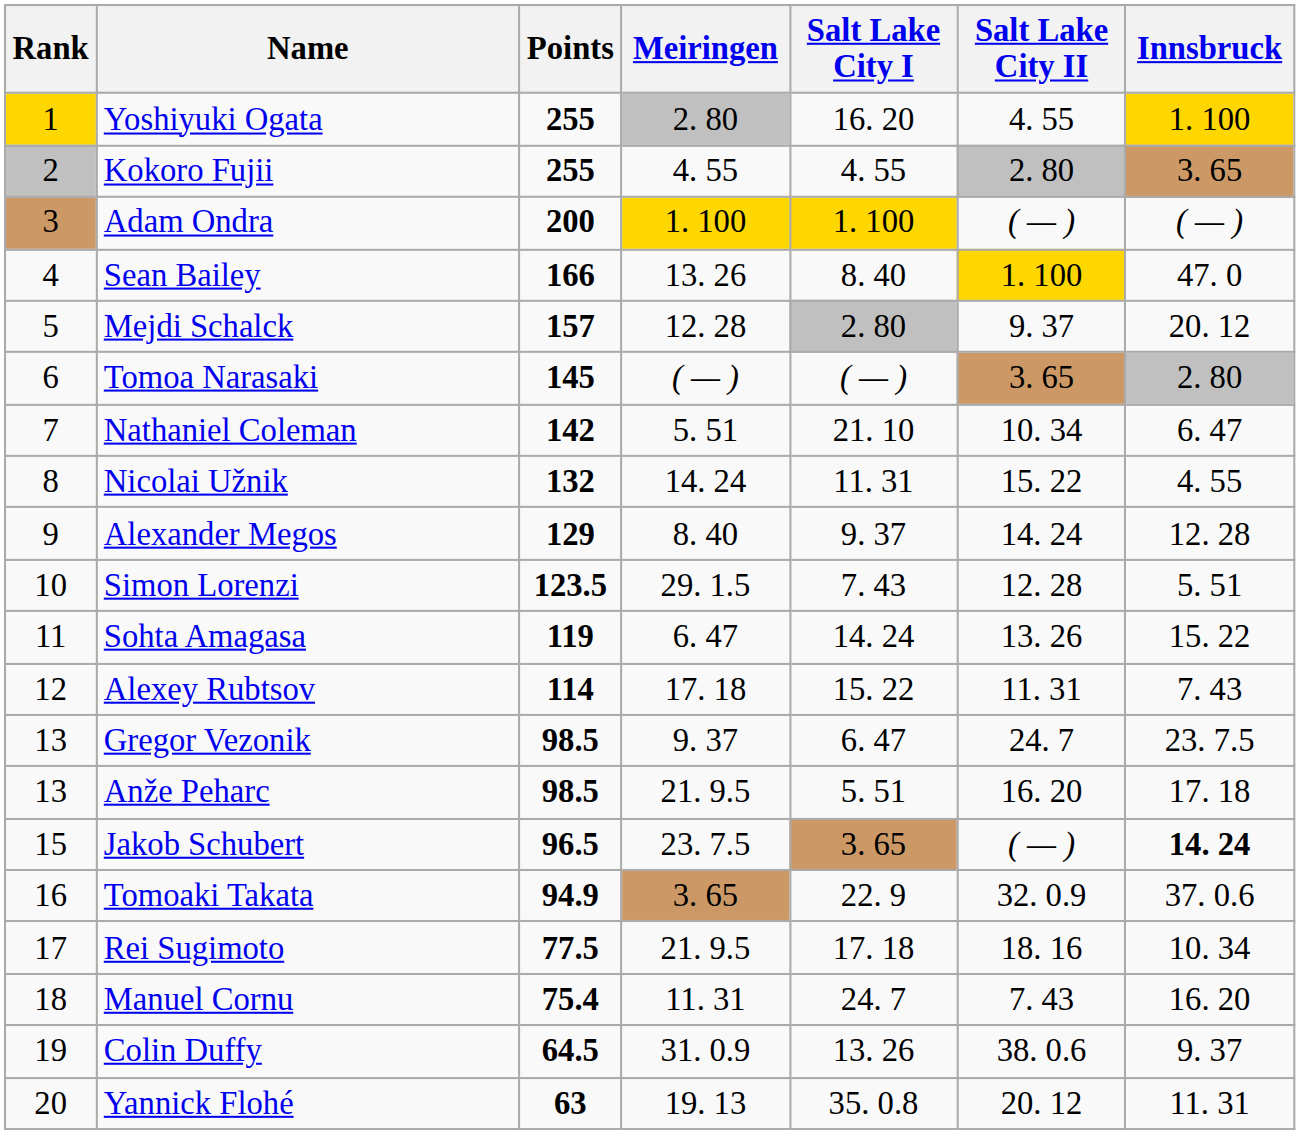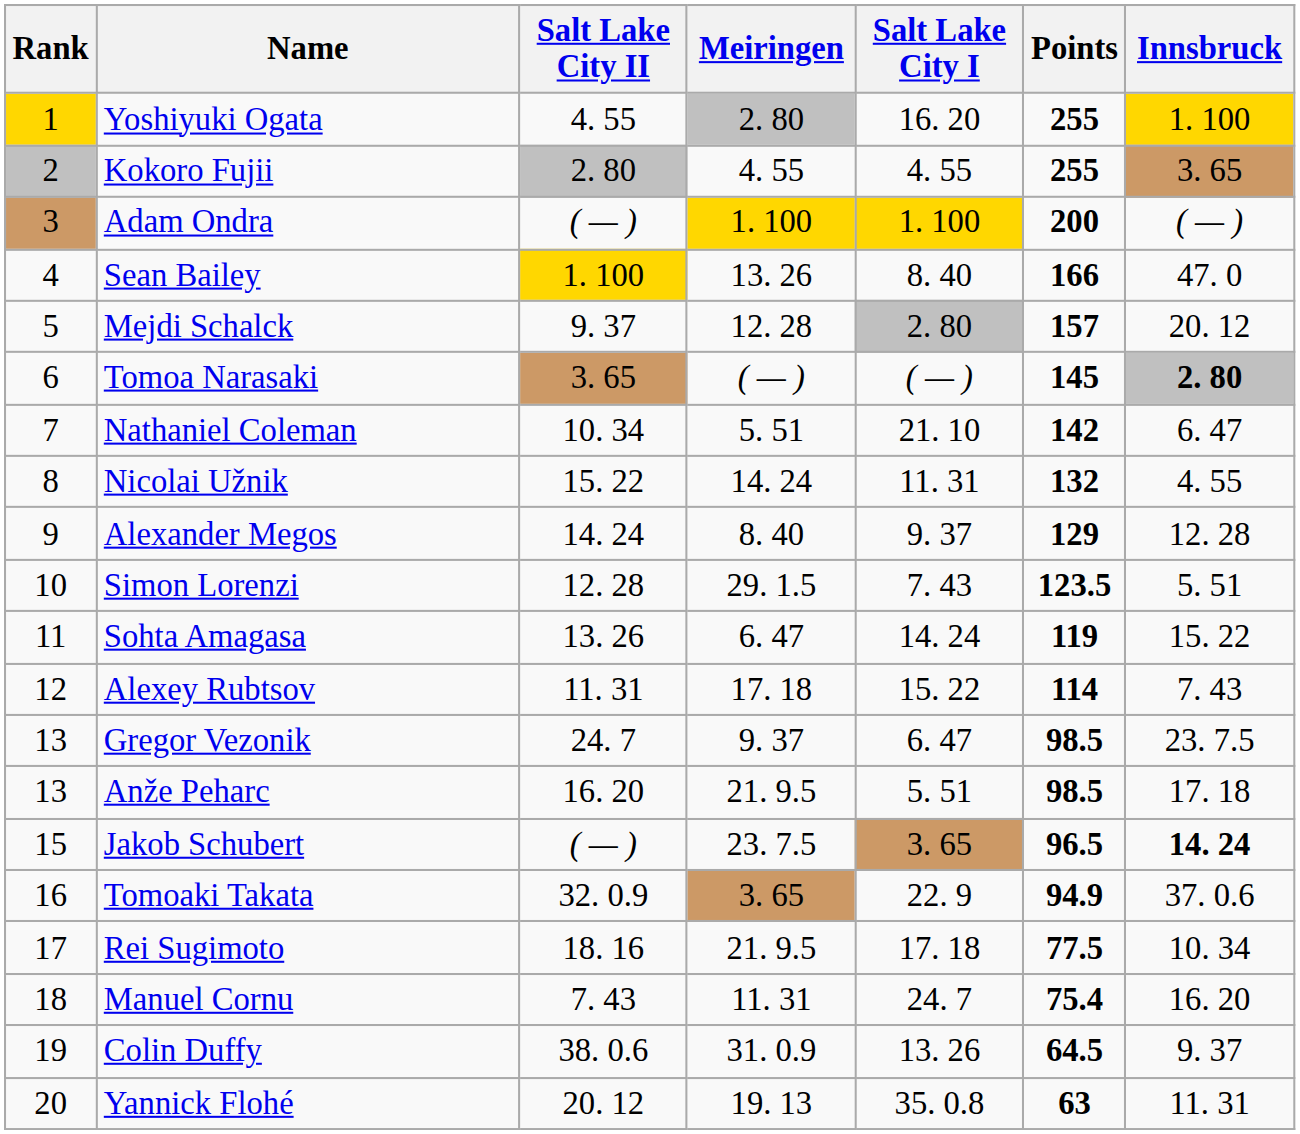 <table class="wikitable sortable">
 <tr>
 <th>Rank</th>
 <th width = "200">Name</th>
-<th>Points</th>
+<th width = "75" data-sort-type="number"><a href='#'>Salt Lake City II</a></th>
 <th width = "75" data-sort-type="number"><a href='#'>Meiringen</a></th>
 <th width = "75" data-sort-type="number"><a href='#'>Salt Lake City I</a></th>
-<th width = "75" data-sort-type="number"><a href='#'>Salt Lake City II</a></th>
+<th>Points</th>
 <th width = "75" data-sort-type="number"><a href='#'>Innsbruck</a></th>
 </tr>
 <tr>
 <td align="center" style="background: gold">1</td>
 <td> <a href='#'>Yoshiyuki Ogata</a></td>
-<td align="center"><strong>255</strong></td>
+<td align="center">4. 55</td>
 <td align="center" style="background: silver">2. 80</td>
 <td align="center">16. 20</td>
-<td align="center">4. 55</td>
+<td align="center"><strong>255</strong></td>
 <td align="center" style="background: gold">1. 100</td>
 </tr>
 <tr>
 <td align="center" style="background: silver">2</td>
 <td> <a href='#'>Kokoro Fujii</a></td>
-<td align="center"><strong>255</strong></td>
+<td align="center" style="background: silver">2. 80</td>
 <td align="center">4. 55</td>
 <td align="center">4. 55</td>
-<td align="center" style="background: silver">2. 80</td>
+<td align="center"><strong>255</strong></td>
 <td align="center" style="background: #cc9966">3. 65</td>
 </tr>
 <tr>
 <td align="center" style="background: #cc9966">3</td>
 <td> <a href='#'>Adam Ondra</a></td>
-<td align="center"><strong>200</strong></td>
+<td align="center"><em>( — )</em></td>
 <td align="center" style="background: gold">1. 100</td>
 <td align="center" style="background: gold">1. 100</td>
-<td align="center"><em>( — )</em></td>
+<td align="center"><strong>200</strong></td>
 <td align="center"><em>( — )</em></td>
 </tr>
 <tr>
 <td align="center">4</td>
 <td> <a href='#'>Sean Bailey</a></td>
-<td align="center"><strong>166</strong></td>
+<td align="center" style="background: gold">1. 100</td>
 <td align="center">13. 26</td>
 <td align="center">8. 40</td>
-<td align="center" style="background: gold">1. 100</td>
+<td align="center"><strong>166</strong></td>
 <td align="center">47. 0</td>
 </tr>
 <tr>
 <td align="center">5</td>
 <td> <a href='#'>Mejdi Schalck</a></td>
-<td align="center"><strong>157</strong></td>
+<td align="center">9. 37</td>
 <td align="center">12. 28</td>
 <td align="center" style="background: silver">2. 80</td>
-<td align="center">9. 37</td>
+<td align="center"><strong>157</strong></td>
 <td align="center">20. 12</td>
 </tr>
 <tr>
 <td align="center">6</td>
 <td> <a href='#'>Tomoa Narasaki</a></td>
-<td align="center"><strong>145</strong></td>
+<td align="center" style="background: #cc9966">3. 65</td>
 <td align="center"><em>( — )</em></td>
 <td align="center"><em>( — )</em></td>
-<td align="center" style="background: #cc9966">3. 65</td>
-<td align="center" style="background: silver">2. 80</td>
+<td align="center"><strong>145</strong></td>
+<td align="center" style="background: silver"><strong>2. 80</strong></td>
 </tr>
 <tr>
 <td align="center">7</td>
 <td> <a href='#'>Nathaniel Coleman</a></td>
-<td align="center"><strong>142</strong></td>
+<td align="center">10. 34</td>
 <td align="center">5. 51</td>
 <td align="center">21. 10</td>
-<td align="center">10. 34</td>
+<td align="center"><strong>142</strong></td>
 <td align="center">6. 47</td>
 </tr>
 <tr>
 <td align="center">8</td>
 <td> <a href='#'>Nicolai Užnik</a></td>
-<td align="center"><strong>132</strong></td>
+<td align="center">15. 22</td>
 <td align="center">14. 24</td>
 <td align="center">11. 31</td>
-<td align="center">15. 22</td>
+<td align="center"><strong>132</strong></td>
 <td align="center">4. 55</td>
 </tr>
 <tr>
 <td align="center">9</td>
 <td> <a href='#'>Alexander Megos</a></td>
-<td align="center"><strong>129</strong></td>
+<td align="center">14. 24</td>
 <td align="center">8. 40</td>
 <td align="center">9. 37</td>
-<td align="center">14. 24</td>
+<td align="center"><strong>129</strong></td>
 <td align="center">12. 28</td>
 </tr>
 <tr>
 <td align="center">10</td>
 <td> <a href='#'>Simon Lorenzi</a></td>
-<td align="center"><strong>123.5</strong></td>
+<td align="center">12. 28</td>
 <td align="center">29. 1.5</td>
 <td align="center">7. 43</td>
-<td align="center">12. 28</td>
+<td align="center"><strong>123.5</strong></td>
 <td align="center">5. 51</td>
 </tr>
 <tr>
 <td align="center">11</td>
 <td> <a href='#'>Sohta Amagasa</a></td>
-<td align="center"><strong>119</strong></td>
+<td align="center">13. 26</td>
 <td align="center">6. 47</td>
 <td align="center">14. 24</td>
-<td align="center">13. 26</td>
+<td align="center"><strong>119</strong></td>
 <td align="center">15. 22</td>
 </tr>
 <tr>
 <td align="center">12</td>
 <td> <a href='#'>Alexey Rubtsov</a></td>
-<td align="center"><strong>114</strong></td>
+<td align="center">11. 31</td>
 <td align="center">17. 18</td>
 <td align="center">15. 22</td>
-<td align="center">11. 31</td>
+<td align="center"><strong>114</strong></td>
 <td align="center">7. 43</td>
 </tr>
 <tr>
 <td align="center">13</td>
 <td> <a href='#'>Gregor Vezonik</a></td>
-<td align="center"><strong>98.5</strong></td>
+<td align="center">24. 7</td>
 <td align="center">9. 37</td>
 <td align="center">6. 47</td>
-<td align="center">24. 7</td>
+<td align="center"><strong>98.5</strong></td>
 <td align="center">23. 7.5</td>
 </tr>
 <tr>
 <td align="center">13</td>
 <td> <a href='#'>Anže Peharc</a></td>
-<td align="center"><strong>98.5</strong></td>
+<td align="center">16. 20</td>
 <td align="center">21. 9.5</td>
 <td align="center">5. 51</td>
-<td align="center">16. 20</td>
+<td align="center"><strong>98.5</strong></td>
 <td align="center">17. 18</td>
 </tr>
 <tr>
 <td align="center">15</td>
 <td> <a href='#'>Jakob Schubert</a></td>
-<td align="center"><strong>96.5</strong></td>
+<td align="center"><em>( — )</em></td>
 <td align="center">23. 7.5</td>
 <td align="center" style="background: #cc9966">3. 65</td>
-<td align="center"><em>( — )</em></td>
+<td align="center"><strong>96.5</strong></td>
 <td align="center"><strong>14. 24</strong></td>
 </tr>
 <tr>
 <td align="center">16</td>
 <td> <a href='#'>Tomoaki Takata</a></td>
-<td align="center"><strong>94.9</strong></td>
+<td align="center">32. 0.9</td>
 <td align="center" style="background: #cc9966">3. 65</td>
 <td align="center">22. 9</td>
-<td align="center">32. 0.9</td>
+<td align="center"><strong>94.9</strong></td>
 <td align="center">37. 0.6</td>
 </tr>
 <tr>
 <td align="center">17</td>
 <td> <a href='#'>Rei Sugimoto</a></td>
-<td align="center"><strong>77.5</strong></td>
+<td align="center">18. 16</td>
 <td align="center">21. 9.5</td>
 <td align="center">17. 18</td>
-<td align="center">18. 16</td>
+<td align="center"><strong>77.5</strong></td>
 <td align="center">10. 34</td>
 </tr>
 <tr>
 <td align="center">18</td>
 <td> <a href='#'>Manuel Cornu</a></td>
-<td align="center"><strong>75.4</strong></td>
+<td align="center">7. 43</td>
 <td align="center">11. 31</td>
 <td align="center">24. 7</td>
-<td align="center">7. 43</td>
+<td align="center"><strong>75.4</strong></td>
 <td align="center">16. 20</td>
 </tr>
 <tr>
 <td align="center">19</td>
 <td> <a href='#'>Colin Duffy</a></td>
-<td align="center"><strong>64.5</strong></td>
+<td align="center">38. 0.6</td>
 <td align="center">31. 0.9</td>
 <td align="center">13. 26</td>
-<td align="center">38. 0.6</td>
+<td align="center"><strong>64.5</strong></td>
 <td align="center">9. 37</td>
 </tr>
 <tr>
 <td align="center">20</td>
 <td> <a href='#'>Yannick Flohé</a></td>
-<td align="center"><strong>63</strong></td>
+<td align="center">20. 12</td>
 <td align="center">19. 13</td>
 <td align="center">35. 0.8</td>
-<td align="center">20. 12</td>
+<td align="center"><strong>63</strong></td>
 <td align="center">11. 31</td>
 </tr>
 </table>
